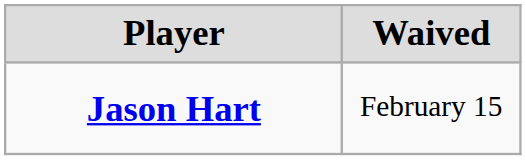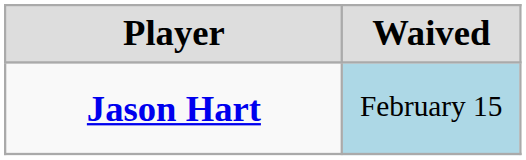 <table class="wikitable" style="text-align: center">
 <tr align="center"  bgcolor="#dddddd">
 <td style="width:140px"><strong>Player</strong></td>
 <td style="width:70px"><strong>Waived</strong></td>
 </tr>
 <tr style="height:40px">
 <td><strong><a href='#'>Jason Hart</a></strong></td>
-<td style="font-size: 80%">February 15</td>
+<td style="background: lightblue; font-size: 80%">February 15</td>
 </tr>
 </table>
